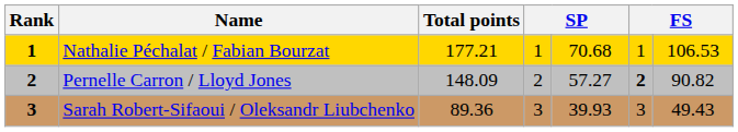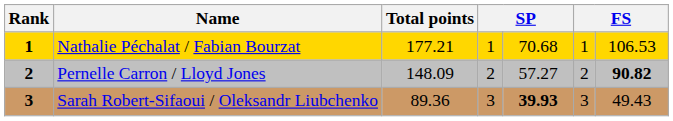 <table class="wikitable sortable">
 <tr>
 <th>Rank</th>
 <th>Name</th>
 <th>Total points</th>
 <th colspan="2" width="80px"><a href='#'>SP</a></th>
 <th colspan="2" width="80px"><a href='#'>FS</a></th>
 </tr>
 <tr bgcolor="gold">
 <td align="center"><strong>1</strong></td>
 <td><a href='#'>Nathalie Péchalat</a> / <a href='#'>Fabian Bourzat</a></td>
 <td align="center">177.21</td>
 <td align="center">1</td>
 <td align="center">70.68</td>
 <td align="center">1</td>
 <td align="center">106.53</td>
 </tr>
 <tr bgcolor="silver">
 <td align="center"><strong>2</strong></td>
 <td><a href='#'>Pernelle Carron</a> / <a href='#'>Lloyd Jones</a></td>
 <td align="center">148.09</td>
 <td align="center">2</td>
 <td align="center">57.27</td>
-<td align="center"><strong>2</strong></td>
-<td align="center">90.82</td>
+<td align="center">2</td>
+<td align="center"><strong>90.82</strong></td>
 </tr>
 <tr bgcolor="cc9966">
 <td align="center"><strong>3</strong></td>
 <td><a href='#'>Sarah Robert-Sifaoui</a> / <a href='#'>Oleksandr Liubchenko</a></td>
 <td align="center">89.36</td>
 <td align="center">3</td>
-<td align="center">39.93</td>
+<td align="center"><strong>39.93</strong></td>
 <td align="center">3</td>
 <td align="center">49.43</td>
 </tr>
 </table>
